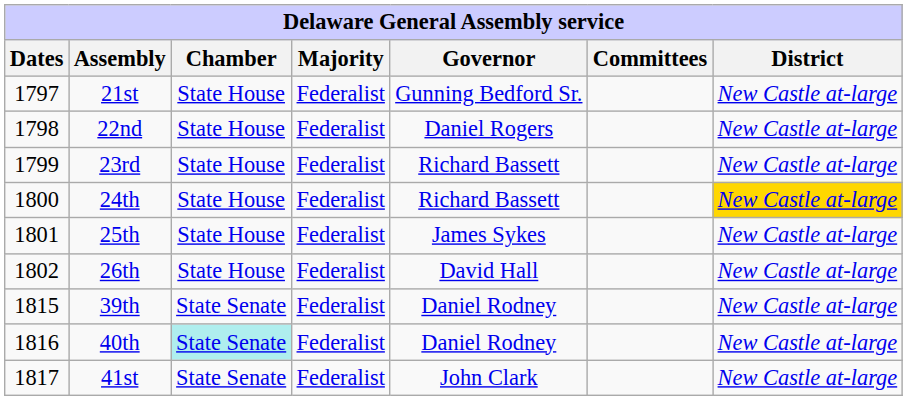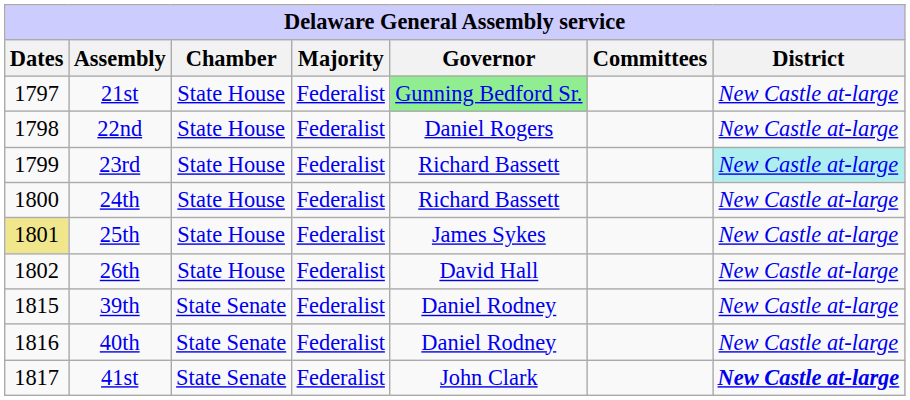 <table class=wikitable style="text-align: center;" align="center">
 <tr>
 <th colspan=7 style="background: #ccccff;">Delaware General Assembly service</th>
 </tr>
 <tr>
 <th>Dates</th>
 <th>Assembly</th>
 <th>Chamber</th>
 <th>Majority</th>
 <th>Governor</th>
 <th>Committees</th>
 <th>District</th>
 </tr>
 <tr>
 <td>1797</td>
 <td><a href='#'>21st</a></td>
 <td><a href='#'>State House</a></td>
 <td><a href='#'>Federalist</a></td>
-<td><a href='#'>Gunning Bedford Sr.</a></td>
+<td style="background: lightgreen;"><a href='#'>Gunning Bedford Sr.</a></td>
 <td></td>
 <td><a href='#'><em>New Castle at-large</em></a></td>
 </tr>
 <tr>
 <td>1798</td>
 <td><a href='#'>22nd</a></td>
 <td><a href='#'>State House</a></td>
 <td><a href='#'>Federalist</a></td>
 <td><a href='#'>Daniel Rogers</a></td>
 <td></td>
 <td><a href='#'><em>New Castle at-large</em></a></td>
 </tr>
 <tr>
 <td>1799</td>
 <td><a href='#'>23rd</a></td>
 <td><a href='#'>State House</a></td>
 <td><a href='#'>Federalist</a></td>
 <td><a href='#'>Richard Bassett</a></td>
 <td></td>
-<td><a href='#'><em>New Castle at-large</em></a></td>
+<td style="background: paleturquoise;"><a href='#'><em>New Castle at-large</em></a></td>
 </tr>
 <tr>
 <td>1800</td>
 <td><a href='#'>24th</a></td>
 <td><a href='#'>State House</a></td>
 <td><a href='#'>Federalist</a></td>
 <td><a href='#'>Richard Bassett</a></td>
 <td></td>
-<td style="background: gold;"><a href='#'><em>New Castle at-large</em></a></td>
+<td><a href='#'><em>New Castle at-large</em></a></td>
 </tr>
 <tr>
-<td>1801</td>
+<td style="background: khaki;">1801</td>
 <td><a href='#'>25th</a></td>
 <td><a href='#'>State House</a></td>
 <td><a href='#'>Federalist</a></td>
 <td><a href='#'>James Sykes</a></td>
 <td></td>
 <td><a href='#'><em>New Castle at-large</em></a></td>
 </tr>
 <tr>
 <td>1802</td>
 <td><a href='#'>26th</a></td>
 <td><a href='#'>State House</a></td>
 <td><a href='#'>Federalist</a></td>
 <td><a href='#'>David Hall</a></td>
 <td></td>
 <td><a href='#'><em>New Castle at-large</em></a></td>
 </tr>
 <tr>
 <td>1815</td>
 <td><a href='#'>39th</a></td>
 <td><a href='#'>State Senate</a></td>
 <td><a href='#'>Federalist</a></td>
 <td><a href='#'>Daniel Rodney</a></td>
 <td></td>
 <td><a href='#'><em>New Castle at-large</em></a></td>
 </tr>
 <tr>
 <td>1816</td>
 <td><a href='#'>40th</a></td>
-<td style="background: paleturquoise;"><a href='#'>State Senate</a></td>
+<td><a href='#'>State Senate</a></td>
 <td><a href='#'>Federalist</a></td>
 <td><a href='#'>Daniel Rodney</a></td>
 <td></td>
 <td><a href='#'><em>New Castle at-large</em></a></td>
 </tr>
 <tr>
 <td>1817</td>
 <td><a href='#'>41st</a></td>
 <td><a href='#'>State Senate</a></td>
 <td><a href='#'>Federalist</a></td>
 <td><a href='#'>John Clark</a></td>
 <td></td>
-<td><a href='#'><em>New Castle at-large</em></a></td>
+<td><strong><a href='#'><em>New Castle at-large</em></a></strong></td>
 </tr>
 </table>
